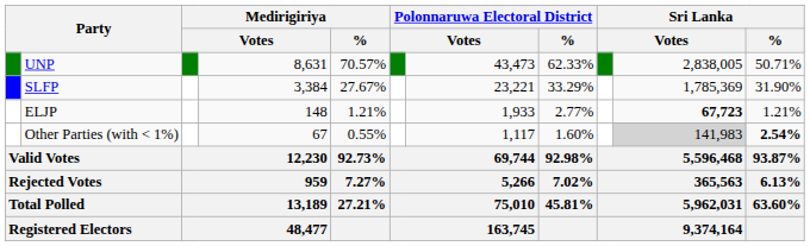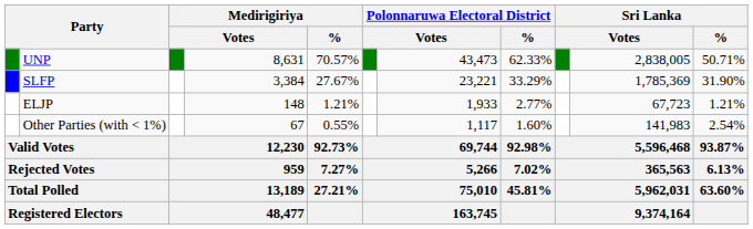 <table class="wikitable">
 <tr>
 <th colspan="2" width="144px"rowspan="2">Party</th>
 <th colspan="3" width="216px">Medirigiriya</th>
 <th colspan="3" width="216px"><a href='#'>Polonnaruwa Electoral District</a></th>
 <th colspan="3" width="216px">Sri Lanka</th>
 </tr>
 <tr>
 <th colspan="2" width="144px">Votes</th>
 <th>%</th>
 <th colspan="2" width="144px">Votes</th>
 <th>%</th>
 <th colspan="2" width="144px">Votes</th>
 <th>%</th>
 </tr>
 <tr>
 <td style="background-color:green;" width="10px"></td>
 <td style="text-align:left;"><a href='#'>UNP</a></td>
 <td style="background-color:green;" width="10px"></td>
 <td style="text-align:right;">8,631</td>
 <td style="text-align:right;">70.57%</td>
 <td style="background-color:green;" width="10px"></td>
 <td style="text-align:right;">43,473</td>
 <td style="text-align:right;">62.33%</td>
 <td style="background-color:green;" width="10px"></td>
 <td style="text-align:right;">2,838,005</td>
 <td style="text-align:right;">50.71%</td>
 </tr>
 <tr>
 <td style="background-color:blue;" width="10px"></td>
 <td style="text-align:left;"><a href='#'>SLFP</a></td>
 <td style="background-color:white;" width="10px"></td>
 <td style="text-align:right;">3,384</td>
 <td style="text-align:right;">27.67%</td>
 <td style="background-color:white;" width="10px"></td>
 <td style="text-align:right;">23,221</td>
 <td style="text-align:right;">33.29%</td>
 <td style="background-color:white;" width="10px"></td>
 <td style="text-align:right;">1,785,369</td>
 <td style="text-align:right;">31.90%</td>
 </tr>
 <tr>
 <td style="background-color:white;" width="10px"></td>
 <td style="text-align:left;">ELJP</td>
 <td style="background-color:white;" width="10px"></td>
 <td style="text-align:right;">148</td>
 <td style="text-align:right;">1.21%</td>
 <td style="background-color:white;" width="10px"></td>
 <td style="text-align:right;">1,933</td>
 <td style="text-align:right;">2.77%</td>
 <td style="background-color:white;" width="10px"></td>
-<td style="text-align:right;"><strong>67,723</strong></td>
+<td style="text-align:right;">67,723</td>
 <td style="text-align:right;">1.21%</td>
 </tr>
 <tr>
 <td style="background-color:white;" width="10px"></td>
 <td style="text-align:left;">Other Parties (with < 1%)</td>
 <td style="background-color:white;" width="10px"></td>
 <td style="text-align:right;">67</td>
 <td style="text-align:right;">0.55%</td>
 <td style="background-color:white;" width="10px"></td>
 <td style="text-align:right;">1,117</td>
 <td style="text-align:right;">1.60%</td>
 <td style="background-color:white;" width="10px"></td>
-<td style="background: lightgrey; text-align:right;">141,983</td>
-<td style="text-align:right;"><strong>2.54%</strong></td>
+<td style="text-align:right;">141,983</td>
+<td style="text-align:right;">2.54%</td>
 </tr>
 <tr>
 <th colspan="2" width="144px"style="text-align:left;">Valid Votes</th>
 <th style="text-align:right;"colspan="2" width="144px">12,230</th>
 <th style="text-align:right;">92.73%</th>
 <th style="text-align:right;"colspan="2" width="144px">69,744</th>
 <th style="text-align:right;">92.98%</th>
 <th style="text-align:right;"colspan="2" width="144px">5,596,468</th>
 <th style="text-align:right;">93.87%</th>
 </tr>
 <tr>
 <th colspan="2" width="144px"style="text-align:left;">Rejected Votes</th>
 <th style="text-align:right;"colspan="2" width="144px">959</th>
 <th style="text-align:right;">7.27%</th>
 <th style="text-align:right;"colspan="2" width="144px">5,266</th>
 <th style="text-align:right;">7.02%</th>
 <th style="text-align:right;"colspan="2" width="144px">365,563</th>
 <th style="text-align:right;">6.13%</th>
 </tr>
 <tr>
 <th colspan="2" width="144px"style="text-align:left;">Total Polled</th>
 <th style="text-align:right;"colspan="2" width="144px">13,189</th>
 <th style="text-align:right;">27.21%</th>
 <th style="text-align:right;"colspan="2" width="144px">75,010</th>
 <th style="text-align:right;">45.81%</th>
 <th style="text-align:right;"colspan="2" width="144px">5,962,031</th>
 <th style="text-align:right;">63.60%</th>
 </tr>
 <tr>
 <th colspan="2" width="144px"style="text-align:left;">Registered Electors</th>
 <th style="text-align:right;"colspan="2" width="144px">48,477</th>
 <th></th>
 <th style="text-align:right;"colspan="2" width="144px">163,745</th>
 <th></th>
 <th style="text-align:right;"colspan="2" width="144px">9,374,164</th>
 <th></th>
 </tr>
 </table>
